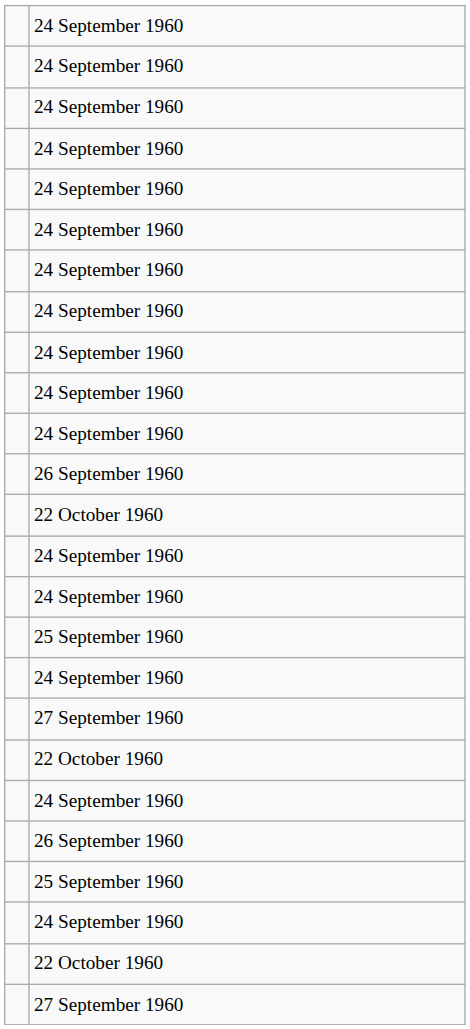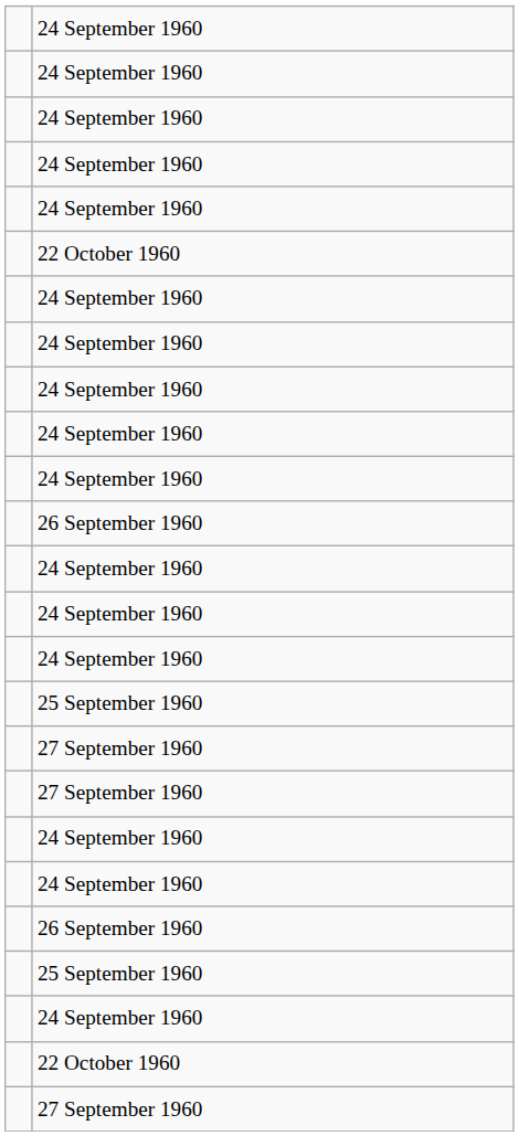 <table class="wikitable" style="font-size: 89%; float: left; width: 24em; margin-right: 1em; line-height: 1.65em">
 <tr>
 <td></td>
 <td>24 September 1960</td>
 </tr>
 <tr>
 <td></td>
 <td>24 September 1960</td>
 </tr>
 <tr>
 <td></td>
 <td>24 September 1960</td>
 </tr>
 <tr>
 <td></td>
 <td>24 September 1960</td>
 </tr>
 <tr>
 <td></td>
 <td>24 September 1960</td>
 </tr>
 <tr>
 <td></td>
-<td>24 September 1960</td>
+<td>22 October 1960</td>
 </tr>
 <tr>
 <td></td>
 <td>24 September 1960</td>
 </tr>
 <tr>
 <td></td>
 <td>24 September 1960</td>
 </tr>
 <tr>
 <td></td>
 <td>24 September 1960</td>
 </tr>
 <tr>
 <td></td>
 <td>24 September 1960</td>
 </tr>
 <tr>
 <td></td>
 <td>24 September 1960</td>
 </tr>
 <tr>
 <td></td>
 <td>26 September 1960</td>
 </tr>
 <tr>
 <td></td>
-<td>22 October 1960</td>
+<td>24 September 1960</td>
 </tr>
 <tr>
 <td></td>
 <td>24 September 1960</td>
 </tr>
 <tr>
 <td></td>
 <td>24 September 1960</td>
 </tr>
 <tr>
 <td></td>
 <td>25 September 1960</td>
 </tr>
 <tr>
 <td></td>
-<td>24 September 1960</td>
+<td>27 September 1960</td>
 </tr>
 <tr>
 <td></td>
 <td>27 September 1960</td>
 </tr>
 <tr>
 <td></td>
-<td>22 October 1960</td>
+<td>24 September 1960</td>
 </tr>
 <tr>
 <td></td>
 <td>24 September 1960</td>
 </tr>
 <tr>
 <td></td>
 <td>26 September 1960</td>
 </tr>
 <tr>
 <td></td>
 <td>25 September 1960</td>
 </tr>
 <tr>
 <td></td>
 <td>24 September 1960</td>
 </tr>
 <tr>
 <td></td>
 <td>22 October 1960</td>
 </tr>
 <tr>
 <td></td>
 <td>27 September 1960</td>
 </tr>
 </table>
